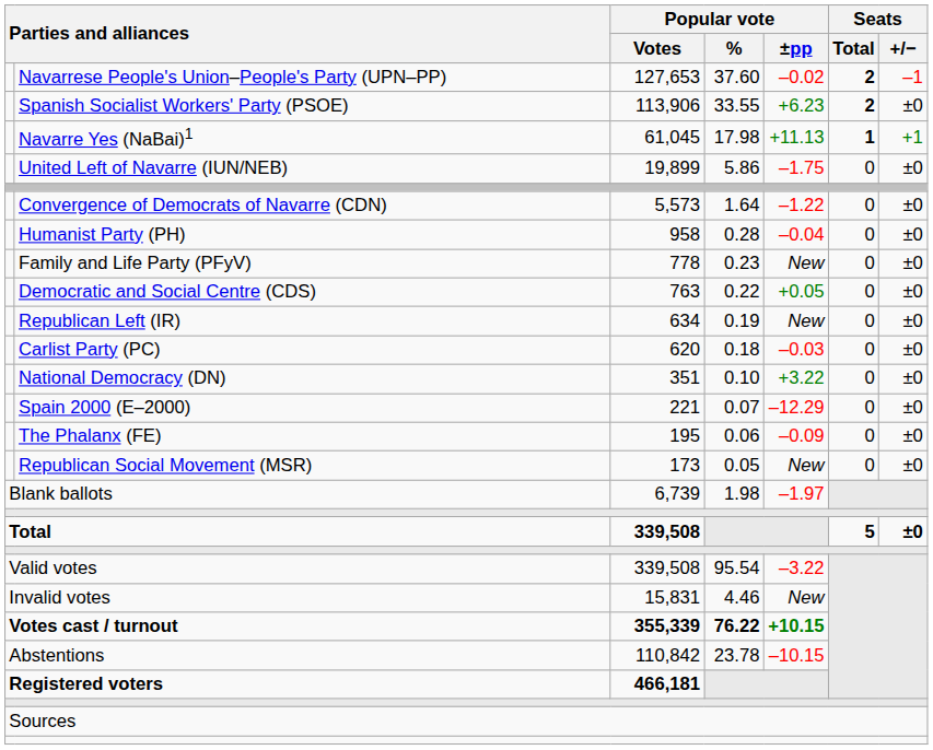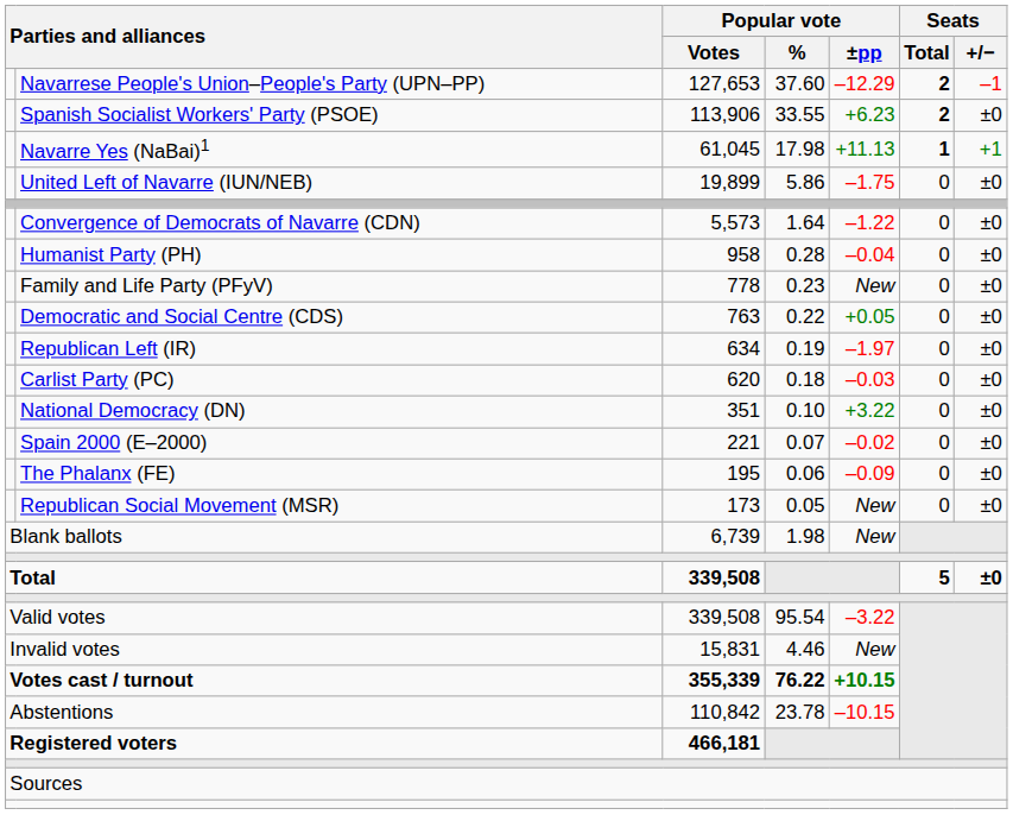 <table class="wikitable" style="text-align:right;">
 <tr>
 <th style="text-align:left;" rowspan="2" colspan="2" width="525">Parties and alliances</th>
 <th colspan="3">Popular vote</th>
 <th colspan="2">Seats</th>
 </tr>
 <tr>
 <th width="75">Votes</th>
 <th width="45">%</th>
 <th width="45">±<a href='#'>pp</a></th>
 <th width="35">Total</th>
 <th width="35">+/−</th>
 </tr>
 <tr>
 <td width="1" style="color:inherit;background:"></td>
 <td align="left"><a href='#'>Navarrese People's Union</a>–<a href='#'>People's Party</a> (UPN–PP)</td>
 <td>127,653</td>
 <td>37.60</td>
-<td style="color:red;">–0.02</td>
+<td style="color:red;">–12.29</td>
 <td><strong>2</strong></td>
 <td style="color:red;">–1</td>
 </tr>
 <tr>
 <td style="color:inherit;background:"></td>
 <td align="left"><a href='#'>Spanish Socialist Workers' Party</a> (PSOE)</td>
 <td>113,906</td>
 <td>33.55</td>
 <td style="color:green;">+6.23</td>
 <td><strong>2</strong></td>
 <td>±0</td>
 </tr>
 <tr>
 <td style="color:inherit;background:"></td>
 <td align="left"><a href='#'>Navarre Yes</a> (NaBai)<sup>1</sup></td>
 <td>61,045</td>
 <td>17.98</td>
 <td style="color:green;">+11.13</td>
 <td><strong>1</strong></td>
 <td style="color:green;">+1</td>
 </tr>
 <tr>
 <td style="color:inherit;background:"></td>
 <td align="left"><a href='#'>United Left of Navarre</a> (IUN/NEB)</td>
 <td>19,899</td>
 <td>5.86</td>
 <td style="color:red;">–1.75</td>
 <td>0</td>
 <td>±0</td>
 </tr>
 <tr>
 <td colspan="7" bgcolor="#C0C0C0"></td>
 </tr>
 <tr>
 <td style="color:inherit;background:"></td>
 <td align="left"><a href='#'>Convergence of Democrats of Navarre</a> (CDN)</td>
 <td>5,573</td>
 <td>1.64</td>
 <td style="color:red;">–1.22</td>
 <td>0</td>
 <td>±0</td>
 </tr>
 <tr>
 <td style="color:inherit;background:"></td>
 <td align="left"><a href='#'>Humanist Party</a> (PH)</td>
 <td>958</td>
 <td>0.28</td>
 <td style="color:red;">–0.04</td>
 <td>0</td>
 <td>±0</td>
 </tr>
 <tr>
 <td style="color:inherit;background:"></td>
 <td align="left">Family and Life Party (PFyV)</td>
 <td>778</td>
 <td>0.23</td>
 <td><em>New</em></td>
 <td>0</td>
 <td>±0</td>
 </tr>
 <tr>
 <td style="color:inherit;background:"></td>
 <td align="left"><a href='#'>Democratic and Social Centre</a> (CDS)</td>
 <td>763</td>
 <td>0.22</td>
 <td style="color:green;">+0.05</td>
 <td>0</td>
 <td>±0</td>
 </tr>
 <tr>
 <td style="color:inherit;background:"></td>
 <td align="left"><a href='#'>Republican Left</a> (IR)</td>
 <td>634</td>
 <td>0.19</td>
-<td><em>New</em></td>
+<td style="color:red;">–1.97</td>
 <td>0</td>
 <td>±0</td>
 </tr>
 <tr>
 <td style="color:inherit;background:"></td>
 <td align="left"><a href='#'>Carlist Party</a> (PC)</td>
 <td>620</td>
 <td>0.18</td>
 <td style="color:red;">–0.03</td>
 <td>0</td>
 <td>±0</td>
 </tr>
 <tr>
 <td style="color:inherit;background:"></td>
 <td align="left"><a href='#'>National Democracy</a> (DN)</td>
 <td>351</td>
 <td>0.10</td>
 <td style="color:green;">+3.22</td>
 <td>0</td>
 <td>±0</td>
 </tr>
 <tr>
 <td style="color:inherit;background:"></td>
 <td align="left"><a href='#'>Spain 2000</a> (E–2000)</td>
 <td>221</td>
 <td>0.07</td>
-<td style="color:red;">–12.29</td>
+<td style="color:red;">–0.02</td>
 <td>0</td>
 <td>±0</td>
 </tr>
 <tr>
 <td style="color:inherit;background:"></td>
 <td align="left"><a href='#'>The Phalanx</a> (FE)</td>
 <td>195</td>
 <td>0.06</td>
 <td style="color:red;">–0.09</td>
 <td>0</td>
 <td>±0</td>
 </tr>
 <tr>
 <td style="color:inherit;background:"></td>
 <td align="left"><a href='#'>Republican Social Movement</a> (MSR)</td>
 <td>173</td>
 <td>0.05</td>
 <td><em>New</em></td>
 <td>0</td>
 <td>±0</td>
 </tr>
 <tr>
 <td align="left" colspan="2">Blank ballots</td>
 <td>6,739</td>
 <td>1.98</td>
-<td style="color:red;">–1.97</td>
+<td><em>New</em></td>
 <td bgcolor="#E9E9E9" colspan="2"></td>
 </tr>
 <tr>
 <td colspan="7" bgcolor="#E9E9E9"></td>
 </tr>
 <tr style="font-weight:bold;">
 <td align="left" colspan="2">Total</td>
 <td>339,508</td>
 <td bgcolor="#E9E9E9" colspan="2"></td>
 <td>5</td>
 <td>±0</td>
 </tr>
 <tr>
 <td colspan="7" bgcolor="#E9E9E9"></td>
 </tr>
 <tr>
 <td align="left" colspan="2">Valid votes</td>
 <td>339,508</td>
 <td>95.54</td>
 <td style="color:red;">–3.22</td>
 <td bgcolor="#E9E9E9" colspan="2" rowspan="5"></td>
 </tr>
 <tr>
 <td align="left" colspan="2">Invalid votes</td>
 <td>15,831</td>
 <td>4.46</td>
 <td><em>New</em></td>
 </tr>
 <tr style="font-weight:bold;">
 <td align="left" colspan="2">Votes cast / turnout</td>
 <td>355,339</td>
 <td>76.22</td>
 <td style="color:green;">+10.15</td>
 </tr>
 <tr>
 <td align="left" colspan="2">Abstentions</td>
 <td>110,842</td>
 <td>23.78</td>
 <td style="color:red;">–10.15</td>
 </tr>
 <tr style="font-weight:bold;">
 <td align="left" colspan="2">Registered voters</td>
 <td>466,181</td>
 <td bgcolor="#E9E9E9" colspan="2"></td>
 </tr>
 <tr>
 <td colspan="7" bgcolor="#E9E9E9"></td>
 </tr>
 <tr>
 <td align="left" colspan="7">Sources</td>
 </tr>
 <tr>
 <td colspan="7" style="text-align:left; max-width:790px;"></td>
 </tr>
 </table>
